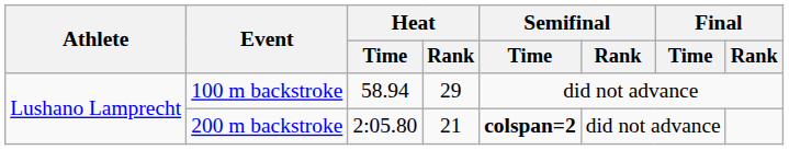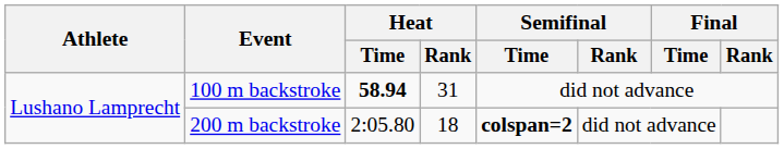 <table class=wikitable style="font-size:90%">
 <tr>
 <th rowspan=2>Athlete</th>
 <th rowspan=2>Event</th>
 <th colspan="2">Heat</th>
 <th colspan="2">Semifinal</th>
 <th colspan="2">Final</th>
 </tr>
 <tr style="font-size:95%">
 <th>Time</th>
 <th>Rank</th>
 <th>Time</th>
 <th>Rank</th>
 <th>Time</th>
 <th>Rank</th>
 </tr>
 <tr align=center>
 <td align=left rowspan=2><a href='#'>Lushano Lamprecht</a></td>
 <td align=left><a href='#'>100 m backstroke</a></td>
-<td>58.94</td>
-<td>29</td>
+<td><strong>58.94</strong></td>
+<td>31</td>
 <td colspan=4>did not advance</td>
 </tr>
 <tr align=center>
 <td align=left><a href='#'>200 m backstroke</a></td>
 <td>2:05.80</td>
-<td>21</td>
+<td>18</td>
 <td><strong>colspan=2 </strong></td>
 <td colspan=2>did not advance</td>
 </tr>
 </table>
